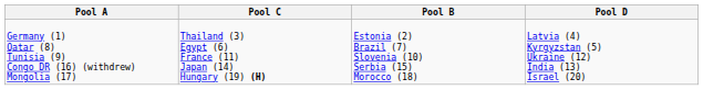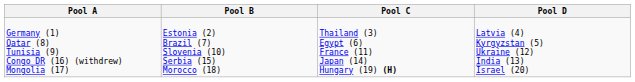 <table class="wikitable" width=80%>
 <tr>
 <th width=25%><strong>Pool A</strong></th>
+<th width=25%><strong>Pool B</strong></th>
 <th width=25%><strong>Pool C</strong></th>
-<th width=25%><strong>Pool B</strong></th>
 <th width=25%><strong>Pool D</strong></th>
 </tr>
 <tr>
 <td><br> <a href='#'>Germany</a> (1) <br>  <a href='#'>Qatar</a> (8) <br>  <a href='#'>Tunisia</a> (9) <br>  <a href='#'>Congo DR</a> (16) (withdrew) <br>  <a href='#'>Mongolia</a>  (17) <br></td>
+<td><br> <a href='#'>Estonia</a> (2) <br>  <a href='#'>Brazil</a> (7)<br>   <a href='#'>Slovenia</a> (10)<br>   <a href='#'>Serbia</a> (15) <br>  <a href='#'>Morocco</a> (18) <br></td>
 <td><br> <a href='#'>Thailand</a> (3) <br>   <a href='#'>Egypt</a>  (6) <br>   <a href='#'>France</a> (11) <br>   <a href='#'>Japan</a> (14) <br>  <a href='#'>Hungary</a> (19) <strong>(H)</strong> <br></td>
-<td><br> <a href='#'>Estonia</a> (2) <br>  <a href='#'>Brazil</a> (7)<br>   <a href='#'>Slovenia</a> (10)<br>   <a href='#'>Serbia</a> (15) <br>  <a href='#'>Morocco</a> (18) <br></td>
 <td><br> <a href='#'>Latvia</a> (4) <br>  <a href='#'>Kyrgyzstan</a> (5) <br>  <a href='#'>Ukraine</a> (12) <br>  <a href='#'>India</a> (13) <br>  <a href='#'>Israel</a> (20) <br></td>
 </tr>
 </table>
